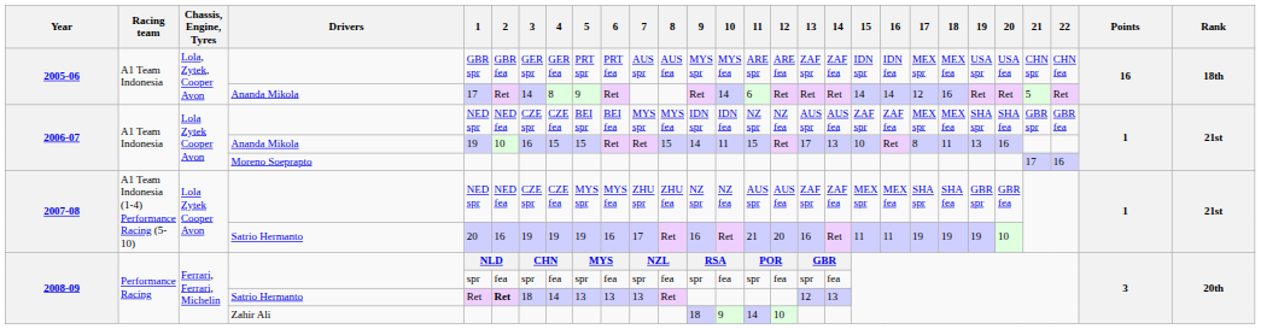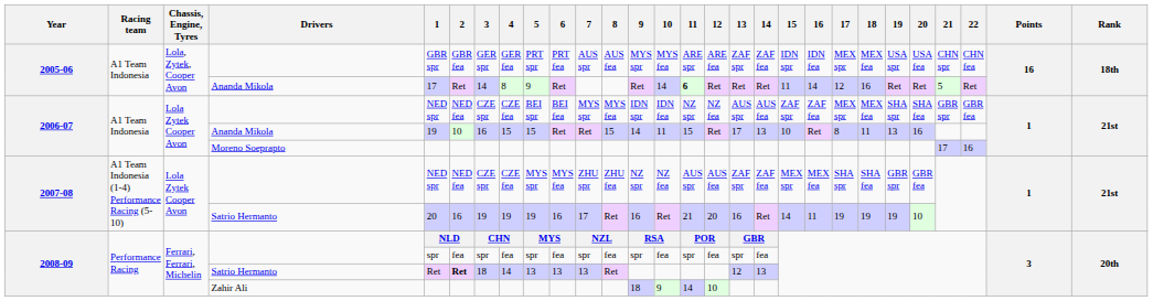 <table class="wikitable" style="font-size: 85%">
 <tr>
 <th>Year</th>
 <th width="4%">Racing<br>team</th>
 <th width="4%">Chassis,<br>Engine,<br>Tyres</th>
 <th>Drivers</th>
 <th width="2%">1</th>
 <th width="2%">2</th>
 <th width="2%">3</th>
 <th width="2%">4</th>
 <th width="2%">5</th>
 <th width="2%">6</th>
 <th width="2%">7</th>
 <th width="2%">8</th>
 <th width="2%">9</th>
 <th width="2%">10</th>
 <th width="2%">11</th>
 <th width="2%">12</th>
 <th width="2%">13</th>
 <th width="2%">14</th>
 <th width="2%">15</th>
 <th width="2%">16</th>
 <th width="2%">17</th>
 <th width="2%">18</th>
 <th width="2%">19</th>
 <th width="2%">20</th>
 <th width="2%">21</th>
 <th width="2%">22</th>
 <th>Points</th>
 <th>Rank</th>
 </tr>
 <tr>
 <th rowspan=2><a href='#'>2005-06</a></th>
 <td rowspan=2>A1 Team Indonesia</td>
 <td rowspan=2><a href='#'>Lola</a>,<br><a href='#'>Zytek</a>,<br><a href='#'>Cooper Avon</a></td>
 <td></td>
 <td><a href='#'>GBR spr</a></td>
 <td><a href='#'>GBR fea</a></td>
 <td><a href='#'>GER spr</a></td>
 <td><a href='#'>GER fea</a></td>
 <td><a href='#'>PRT spr</a></td>
 <td><a href='#'>PRT fea</a></td>
 <td><a href='#'>AUS spr</a></td>
 <td><a href='#'>AUS fea</a></td>
 <td><a href='#'>MYS spr</a></td>
 <td><a href='#'>MYS fea</a></td>
 <td><a href='#'>ARE spr</a></td>
 <td><a href='#'>ARE fea</a></td>
 <td><a href='#'>ZAF spr</a></td>
 <td><a href='#'>ZAF fea</a></td>
 <td><a href='#'>IDN spr</a></td>
 <td><a href='#'>IDN fea</a></td>
 <td><a href='#'>MEX spr</a></td>
 <td><a href='#'>MEX fea</a></td>
 <td><a href='#'>USA spr</a></td>
 <td><a href='#'>USA fea</a></td>
 <td><a href='#'>CHN spr</a></td>
 <td><a href='#'>CHN fea</a></td>
 <th rowspan=2>16</th>
 <th rowspan=2>18th</th>
 </tr>
 <tr>
 <td><a href='#'>Ananda Mikola</a></td>
 <td style="background:#CFCFFF;">17</td>
 <td style="background:#EFCFFF;">Ret</td>
 <td style="background:#CFCFFF;">14</td>
 <td style="background:#DFFFDF;">8</td>
 <td style="background:#DFFFDF;">9</td>
 <td style="background:#EFCFFF;">Ret</td>
 <td></td>
 <td></td>
 <td style="background:#EFCFFF;">Ret</td>
 <td style="background:#CFCFFF;">14</td>
-<td style="background:#DFFFDF;">6</td>
+<td style="background:#DFFFDF;"><strong>6</strong></td>
 <td style="background:#EFCFFF;">Ret</td>
 <td style="background:#EFCFFF;">Ret</td>
 <td style="background:#EFCFFF;">Ret</td>
-<td style="background:#CFCFFF;">14</td>
+<td style="background:#CFCFFF;">11</td>
 <td style="background:#CFCFFF;">14</td>
 <td style="background:#CFCFFF;">12</td>
 <td style="background:#CFCFFF;">16</td>
 <td style="background:#EFCFFF;">Ret</td>
 <td style="background:#EFCFFF;">Ret</td>
 <td style="background:#DFFFDF;">5</td>
 <td style="background:#EFCFFF;">Ret</td>
 </tr>
 <tr>
 <th rowspan=3><a href='#'>2006-07</a></th>
 <td rowspan=3>A1 Team Indonesia</td>
 <td rowspan=3><a href='#'>Lola</a><br><a href='#'>Zytek</a><br><a href='#'>Cooper Avon</a></td>
 <td></td>
 <td><a href='#'>NED spr</a></td>
 <td><a href='#'>NED fea</a></td>
 <td><a href='#'>CZE spr</a></td>
 <td><a href='#'>CZE fea</a></td>
 <td><a href='#'>BEI spr</a></td>
 <td><a href='#'>BEI fea</a></td>
 <td><a href='#'>MYS spr</a></td>
 <td><a href='#'>MYS fea</a></td>
 <td><a href='#'>IDN spr</a></td>
 <td><a href='#'>IDN fea</a></td>
 <td><a href='#'>NZ spr</a></td>
 <td><a href='#'>NZ fea</a></td>
 <td><a href='#'>AUS spr</a></td>
 <td><a href='#'>AUS fea</a></td>
 <td><a href='#'>ZAF spr</a></td>
 <td><a href='#'>ZAF fea</a></td>
 <td><a href='#'>MEX spr</a></td>
 <td><a href='#'>MEX fea</a></td>
 <td><a href='#'>SHA spr</a></td>
 <td><a href='#'>SHA fea</a></td>
 <td><a href='#'>GBR spr</a></td>
 <td><a href='#'>GBR fea</a></td>
 <th rowspan=3>1</th>
 <th rowspan=3>21st</th>
 </tr>
 <tr>
 <td><a href='#'>Ananda Mikola</a></td>
 <td style="background:#CFCFFF;">19</td>
 <td style="background:#DFFFDF;">10</td>
 <td style="background:#CFCFFF;">16</td>
 <td style="background:#CFCFFF;">15</td>
 <td style="background:#CFCFFF;">15</td>
 <td style="background:#EFCFFF;">Ret</td>
 <td style="background:#EFCFFF;">Ret</td>
 <td style="background:#CFCFFF;">15</td>
 <td style="background:#CFCFFF;">14</td>
 <td style="background:#CFCFFF;">11</td>
 <td style="background:#CFCFFF;">15</td>
 <td style="background:#EFCFFF;">Ret</td>
 <td style="background:#CFCFFF;">17</td>
 <td style="background:#CFCFFF;">13</td>
 <td style="background:#CFCFFF;">10</td>
 <td style="background:#EFCFFF;">Ret</td>
 <td style="background:#CFCFFF;">8</td>
 <td style="background:#CFCFFF;">11</td>
 <td style="background:#CFCFFF;">13</td>
 <td style="background:#CFCFFF;">16</td>
 <td></td>
 <td></td>
 </tr>
 <tr>
 <td><a href='#'>Moreno Soeprapto</a></td>
 <td></td>
 <td></td>
 <td></td>
 <td></td>
 <td></td>
 <td></td>
 <td></td>
 <td></td>
 <td></td>
 <td></td>
 <td></td>
 <td></td>
 <td></td>
 <td></td>
 <td></td>
 <td></td>
 <td></td>
 <td></td>
 <td></td>
 <td></td>
 <td style="background:#CFCFFF;">17</td>
 <td style="background:#CFCFFF;">16</td>
 </tr>
 <tr>
 <th rowspan=2><a href='#'>2007-08</a></th>
 <td rowspan=2>A1 Team Indonesia (1-4)<br><a href='#'>Performance Racing</a> (5-10)</td>
 <td rowspan=2><a href='#'>Lola</a><br><a href='#'>Zytek</a><br><a href='#'>Cooper Avon</a></td>
 <td></td>
 <td><a href='#'>NED spr</a></td>
 <td><a href='#'>NED fea</a></td>
 <td><a href='#'>CZE spr</a></td>
 <td><a href='#'>CZE fea</a></td>
 <td><a href='#'>MYS spr</a></td>
 <td><a href='#'>MYS fea</a></td>
 <td><a href='#'>ZHU spr</a></td>
 <td><a href='#'>ZHU fea</a></td>
 <td><a href='#'>NZ spr</a></td>
 <td><a href='#'>NZ fea</a></td>
 <td><a href='#'>AUS spr</a></td>
 <td><a href='#'>AUS fea</a></td>
 <td><a href='#'>ZAF spr</a></td>
 <td><a href='#'>ZAF fea</a></td>
 <td><a href='#'>MEX spr</a></td>
 <td><a href='#'>MEX fea</a></td>
 <td><a href='#'>SHA spr</a></td>
 <td><a href='#'>SHA fea</a></td>
 <td><a href='#'>GBR spr</a></td>
 <td><a href='#'>GBR fea</a></td>
 <td colspan=2 rowspan=2></td>
 <th rowspan=2>1</th>
 <th rowspan=2>21st</th>
 </tr>
 <tr>
 <td><a href='#'>Satrio Hermanto</a></td>
 <td style="background:#CFCFFF;">20</td>
 <td style="background:#CFCFFF;">16</td>
 <td style="background:#CFCFFF;">19</td>
 <td style="background:#CFCFFF;">19</td>
 <td style="background:#CFCFFF;">19</td>
 <td style="background:#CFCFFF;">16</td>
 <td style="background:#CFCFFF;">17</td>
 <td style="background:#EFCFFF;">Ret</td>
 <td style="background:#CFCFFF;">16</td>
 <td style="background:#EFCFFF;">Ret</td>
 <td style="background:#CFCFFF;">21</td>
 <td style="background:#CFCFFF;">20</td>
 <td style="background:#CFCFFF;">16</td>
 <td style="background:#EFCFFF;">Ret</td>
-<td style="background:#CFCFFF;">11</td>
+<td style="background:#CFCFFF;">14</td>
 <td style="background:#CFCFFF;">11</td>
 <td style="background:#CFCFFF;">19</td>
 <td style="background:#CFCFFF;">19</td>
 <td style="background:#CFCFFF;">19</td>
 <td style="background:#DFFFDF;">10<br></td>
 </tr>
 <tr>
 <th rowspan=4><a href='#'>2008-09</a></th>
 <td rowspan=4><a href='#'>Performance Racing</a></td>
 <td rowspan=4><a href='#'>Ferrari</a>,<br><a href='#'>Ferrari</a>,<br><a href='#'>Michelin</a></td>
 <td rowspan=2></td>
 <th colspan=2><a href='#'>NLD</a></th>
 <th colspan=2><a href='#'>CHN</a></th>
 <th colspan=2><a href='#'>MYS</a></th>
 <th colspan=2><a href='#'>NZL</a></th>
 <th colspan=2><a href='#'>RSA</a></th>
 <th colspan=2><a href='#'>POR</a></th>
 <th colspan=2><a href='#'>GBR</a></th>
 <td colspan=8 rowspan=8></td>
 <th rowspan=4>3</th>
 <th rowspan=4>20th</th>
 </tr>
 <tr>
 <td>spr</td>
 <td>fea</td>
 <td>spr</td>
 <td>fea</td>
 <td>spr</td>
 <td>fea</td>
 <td>spr</td>
 <td>fea</td>
 <td>spr</td>
 <td>fea</td>
 <td>spr</td>
 <td>fea</td>
 <td>spr</td>
 <td>fea</td>
 </tr>
 <tr>
 <td><a href='#'>Satrio Hermanto</a></td>
 <td style="background:#EFCFFF;">Ret</td>
 <td style="background:#EFCFFF;"><strong>Ret</strong></td>
 <td style="background:#CFCFFF;">18</td>
 <td style="background:#CFCFFF;">14</td>
 <td style="background:#CFCFFF;">13</td>
 <td style="background:#CFCFFF;">13</td>
 <td style="background:#CFCFFF;">13</td>
 <td style="background:#EFCFFF;">Ret</td>
 <td></td>
 <td></td>
 <td></td>
 <td></td>
 <td style="background:#CFCFFF;">12</td>
 <td style="background:#CFCFFF;">13</td>
 </tr>
 <tr>
 <td>Zahir Ali</td>
 <td></td>
 <td></td>
 <td></td>
 <td></td>
 <td></td>
 <td></td>
 <td></td>
 <td></td>
 <td style="background:#CFCFFF;">18</td>
 <td style="background:#DFFFDF;">9</td>
 <td style="background:#CFCFFF;">14</td>
 <td style="background:#DFFFDF;">10</td>
 <td></td>
 <td></td>
 </tr>
 </table>
